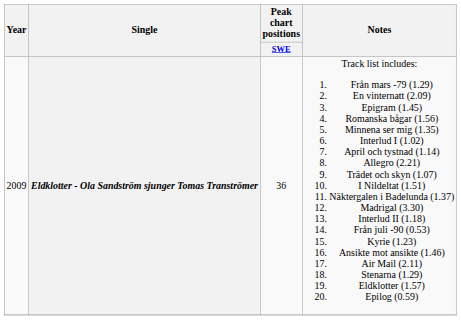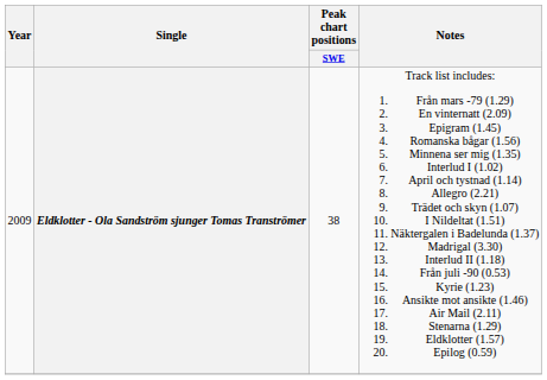 <table class="wikitable plainrowheaders" style="text-align:center;" border="1">
 <tr>
 <th scope="col" rowspan="2">Year</th>
 <th scope="col" rowspan="2">Single</th>
 <th scope="col" colspan="1">Peak chart positions</th>
 <th scope="col" rowspan="2">Notes</th>
 </tr>
 <tr>
 <th scope="col" style="width:3em;font-size:85%;"><a href='#'>SWE</a><br></th>
 </tr>
 <tr>
 <td>2009</td>
 <th scope="row"><em>Eldklotter - Ola Sandström sjunger Tomas Tranströmer</em></th>
-<td>36</td>
+<td>38</td>
 <td>Track list includes:<br><ol><li>Från mars -79 (1.29)</li><li>En vinternatt (2.09)</li><li>Epigram (1.45)</li><li>Romanska bågar (1.56)</li><li>Minnena ser mig (1.35)</li><li>Interlud I (1.02)</li><li>April och tystnad (1.14)</li><li>Allegro (2.21)</li><li>Trädet och skyn (1.07)</li><li>I Nildeltat (1.51)</li><li>Näktergalen i Badelunda (1.37)</li><li>Madrigal (3.30)</li><li>Interlud II (1.18)</li><li>Från juli -90 (0.53)</li><li>Kyrie (1.23)</li><li>Ansikte mot ansikte (1.46)</li><li>Air Mail (2.11)</li><li>Stenarna (1.29)</li><li>Eldklotter (1.57)</li><li>Epilog (0.59)</li></ol></td>
 </tr>
 <tr>
 </tr>
 </table>
